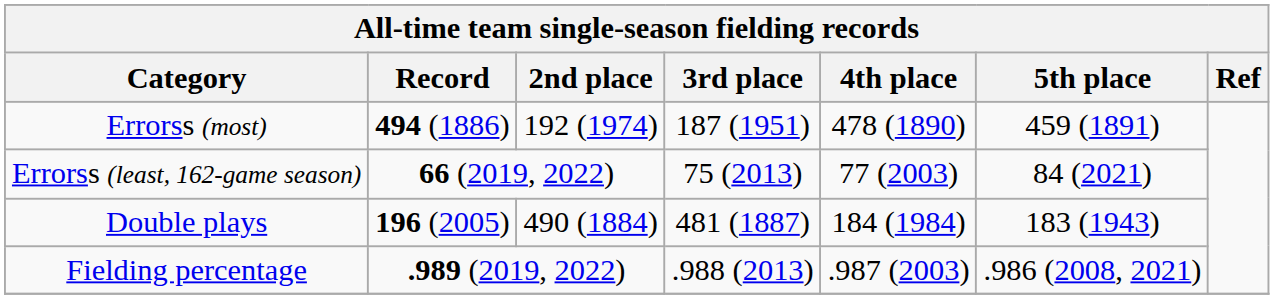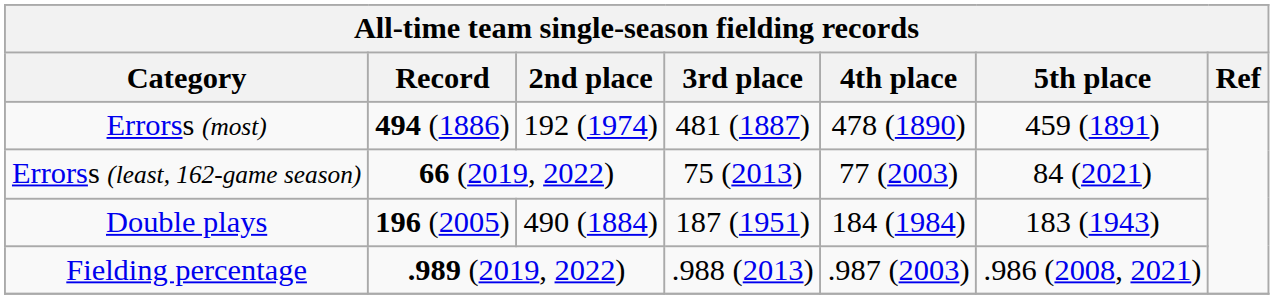 <table class="wikitable unsortable" style="text-align:center">
 <tr>
 <th colspan=7><strong>All-time team single-season fielding records</strong></th>
 </tr>
 <tr>
 <th scope="col">Category</th>
 <th scope="col">Record</th>
 <th scope="col">2nd place</th>
 <th scope="col">3rd place</th>
 <th scope="col">4th place</th>
 <th scope="col">5th place</th>
 <th scope="col">Ref</th>
 </tr>
 <tr>
 <td><a href='#'>Errors</a>s <small><em>(most)</em></small></td>
 <td><strong>494</strong> (<a href='#'>1886</a>)</td>
 <td>192 (<a href='#'>1974</a>)</td>
-<td>187 (<a href='#'>1951</a>)</td>
+<td>481 (<a href='#'>1887</a>)</td>
 <td>478 (<a href='#'>1890</a>)</td>
 <td>459 (<a href='#'>1891</a>)</td>
 <td rowspan="4" style="text-align: center;"></td>
 </tr>
 <tr>
 <td><a href='#'>Errors</a>s <small><em>(least, 162-game season)</em></small></td>
 <td colspan="2" style="text-align: center;"><strong>66</strong> (<a href='#'>2019</a>, <a href='#'>2022</a>)</td>
 <td>75 (<a href='#'>2013</a>)</td>
 <td>77 (<a href='#'>2003</a>)</td>
 <td>84 (<a href='#'>2021</a>)</td>
 </tr>
 <tr>
 <td><a href='#'>Double plays</a></td>
 <td><strong>196</strong> (<a href='#'>2005</a>)</td>
 <td>490 (<a href='#'>1884</a>)</td>
-<td>481 (<a href='#'>1887</a>)</td>
+<td>187 (<a href='#'>1951</a>)</td>
 <td>184 (<a href='#'>1984</a>)</td>
 <td>183 (<a href='#'>1943</a>)</td>
 </tr>
 <tr>
 <td><a href='#'>Fielding percentage</a></td>
 <td colspan="2" style="text-align: center;"><strong>.989</strong> (<a href='#'>2019</a>, <a href='#'>2022</a>)</td>
 <td>.988 (<a href='#'>2013</a>)</td>
 <td>.987 (<a href='#'>2003</a>)</td>
 <td>.986 (<a href='#'>2008</a>, <a href='#'>2021</a>)</td>
 </tr>
 <tr>
 </tr>
 </table>
